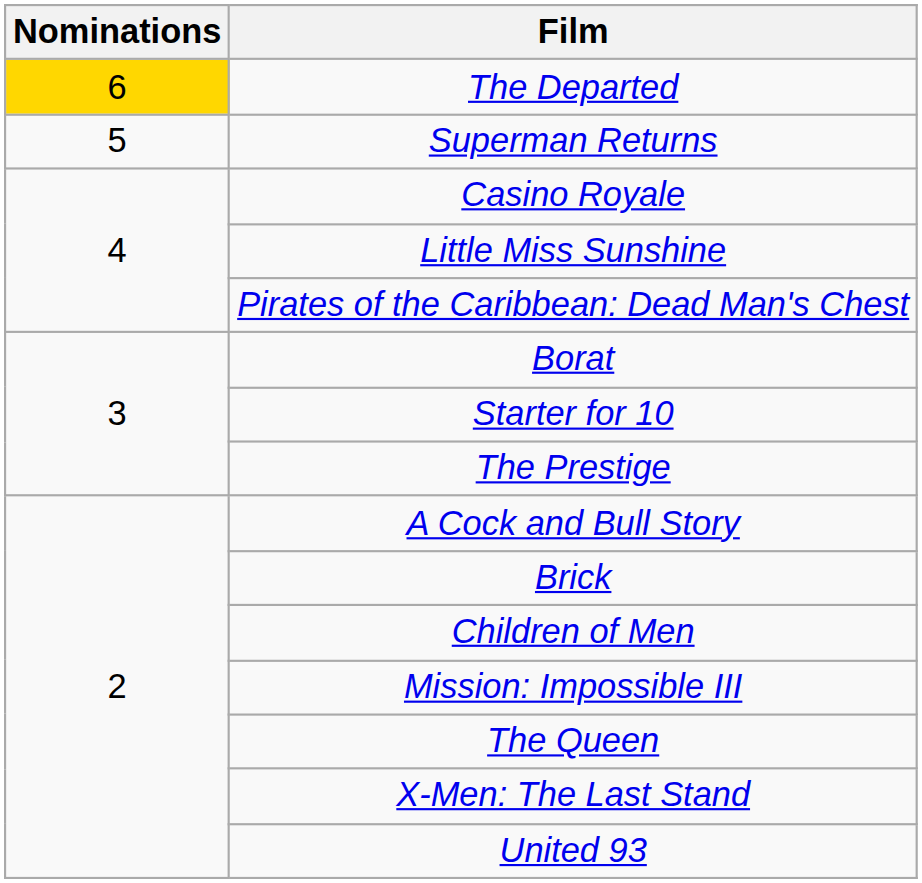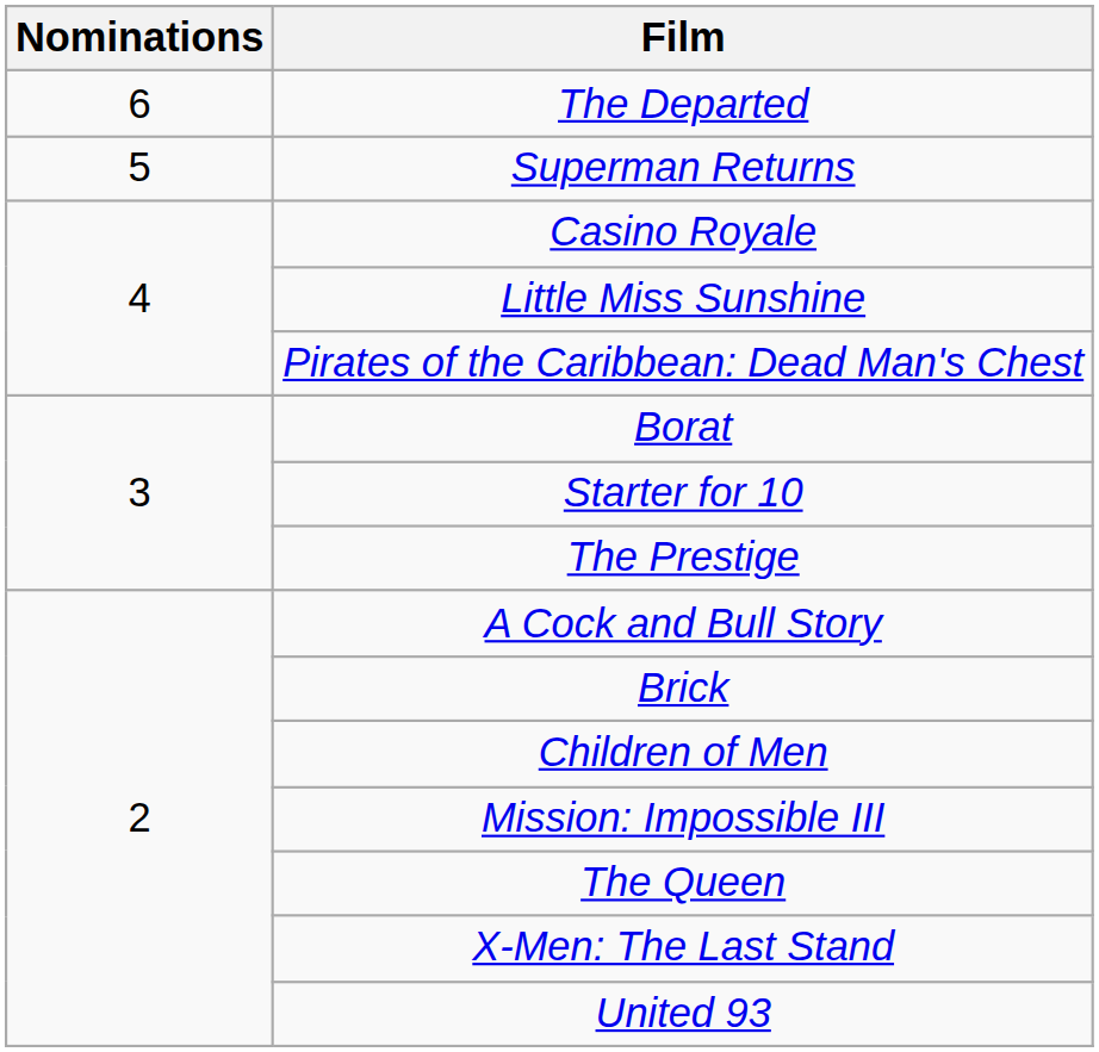 <table class="wikitable" style="text-align: center">
 <tr>
 <th scope="col" width="55">Nominations</th>
 <th scope="col">Film</th>
 </tr>
 <tr>
-<td style="background: gold;">6</td>
+<td>6</td>
 <td><em><a href='#'>The Departed</a></em></td>
 </tr>
 <tr>
 <td>5</td>
 <td><em><a href='#'>Superman Returns</a></em></td>
 </tr>
 <tr>
 <td rowspan=3>4</td>
 <td><em><a href='#'>Casino Royale</a></em></td>
 </tr>
 <tr>
 <td><em><a href='#'>Little Miss Sunshine</a></em></td>
 </tr>
 <tr>
 <td><em><a href='#'>Pirates of the Caribbean: Dead Man's Chest</a></em></td>
 </tr>
 <tr>
 <td rowspan=3>3</td>
 <td><em><a href='#'>Borat</a></em></td>
 </tr>
 <tr>
 <td><em><a href='#'>Starter for 10</a></em></td>
 </tr>
 <tr>
 <td><em><a href='#'>The Prestige</a></em></td>
 </tr>
 <tr>
 <td rowspan=7>2</td>
 <td><em><a href='#'>A Cock and Bull Story</a></em></td>
 </tr>
 <tr>
 <td><em><a href='#'>Brick</a></em></td>
 </tr>
 <tr>
 <td><em><a href='#'>Children of Men</a></em></td>
 </tr>
 <tr>
 <td><em><a href='#'>Mission: Impossible III</a></em></td>
 </tr>
 <tr>
 <td><em><a href='#'>The Queen</a></em></td>
 </tr>
 <tr>
 <td><em><a href='#'>X-Men: The Last Stand</a></em></td>
 </tr>
 <tr>
 <td><em><a href='#'>United 93</a></em></td>
 </tr>
 </table>
